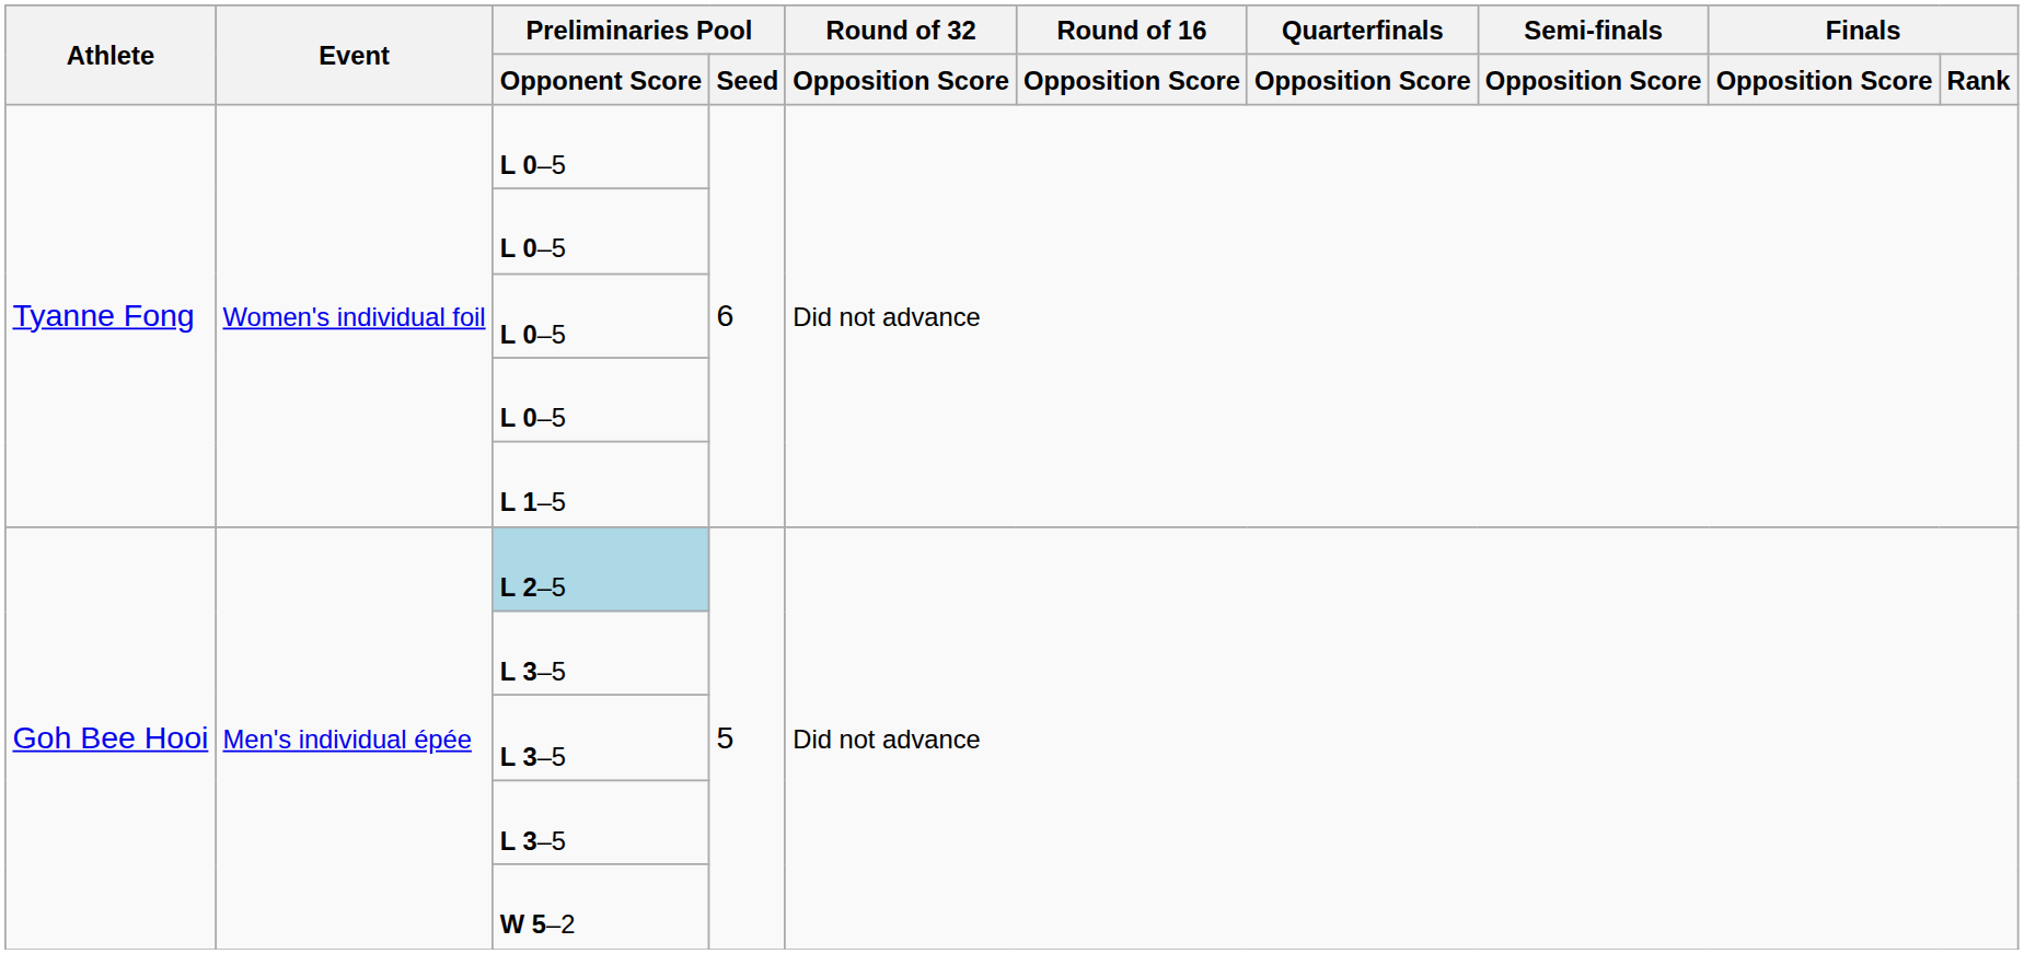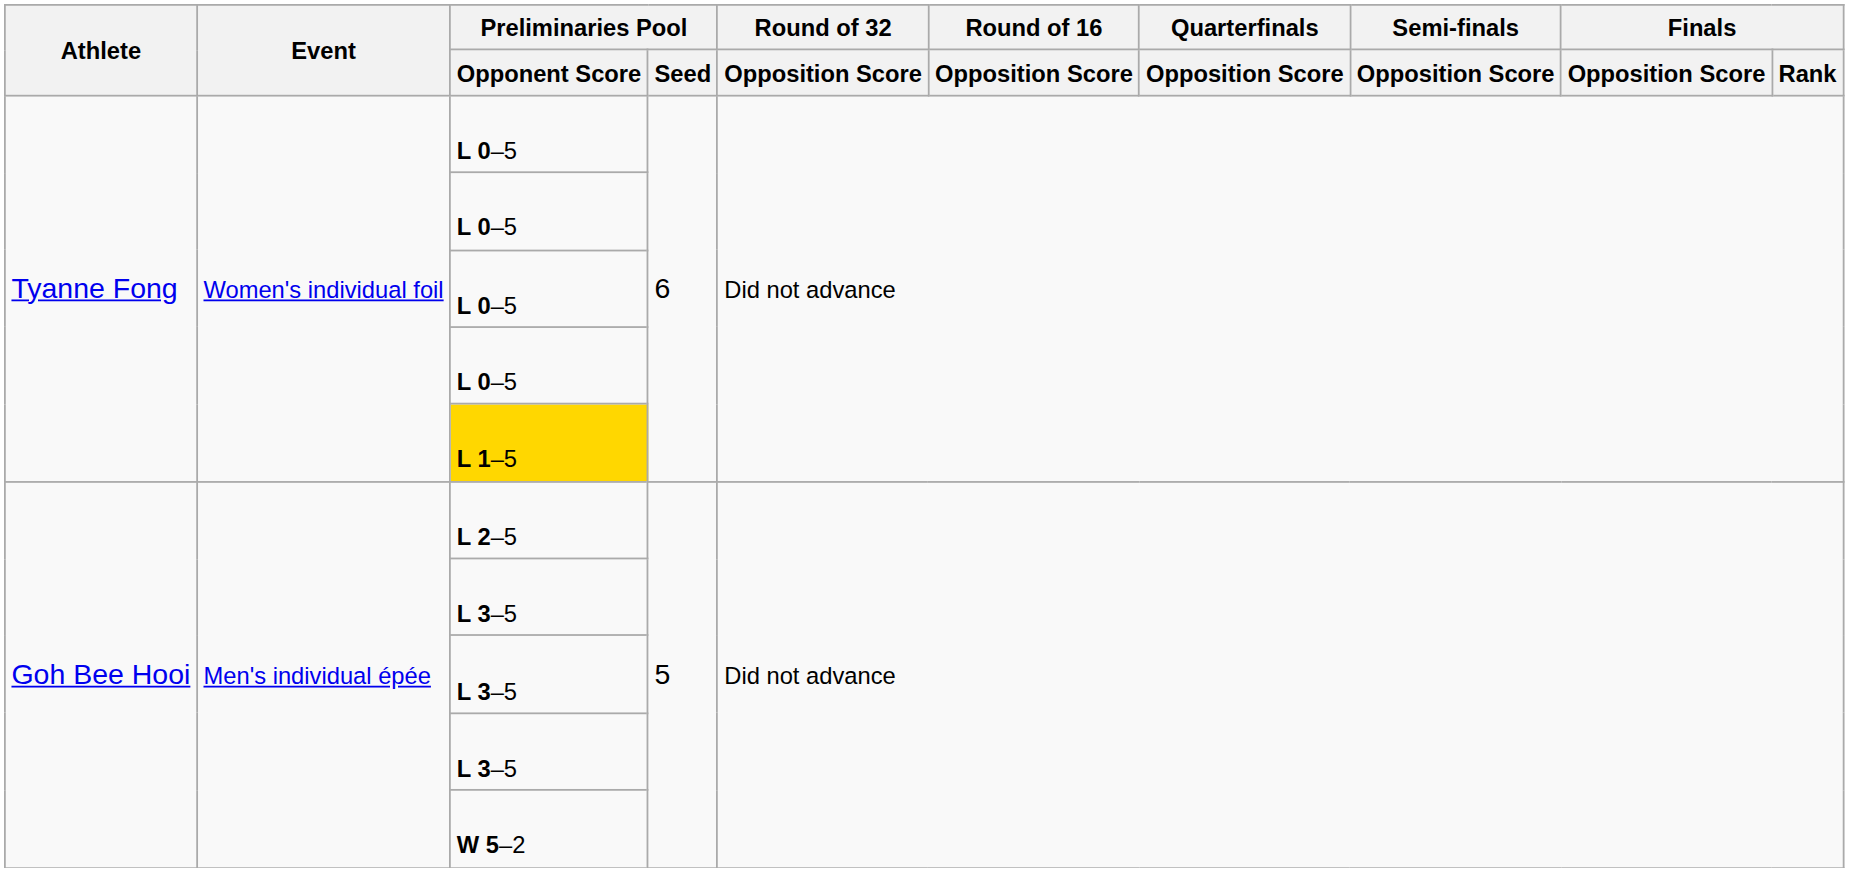 <table class="wikitable">
 <tr>
 <th rowspan="2"><small>Athlete</small></th>
 <th rowspan="2"><small>Event</small></th>
 <th colspan="2"><small>Preliminaries Pool</small></th>
 <th><small>Round of 32</small></th>
 <th><small>Round of 16</small></th>
 <th><small>Quarterfinals</small></th>
 <th><small>Semi-finals</small></th>
 <th colspan="2"><small>Finals</small></th>
 </tr>
 <tr>
 <th><small>Opponent Score</small></th>
 <th><small>Seed</small></th>
 <th><small>Opposition Score</small></th>
 <th><small>Opposition Score</small></th>
 <th><small>Opposition Score</small></th>
 <th><small>Opposition Score</small></th>
 <th><small>Opposition Score</small></th>
 <th><small>Rank</small></th>
 </tr>
 <tr>
 <td rowspan="5"><a href='#'>Tyanne Fong</a></td>
 <td rowspan="5"><small><a href='#'>Women's individual foil</a></small></td>
 <td><small><br><strong>L 0</strong>–5</small></td>
 <td rowspan="5">6</td>
 <td colspan="6" rowspan="5"><small>Did not advance</small></td>
 </tr>
 <tr>
 <td><small><br><strong>L 0</strong>–5</small></td>
 </tr>
 <tr>
 <td><small><br><strong>L 0</strong>–5</small></td>
 </tr>
 <tr>
 <td><small><br><strong>L 0</strong>–5</small></td>
 </tr>
 <tr>
-<td><small><br><strong>L 1</strong>–5</small></td>
+<td style="background: gold;"><small><br><strong>L 1</strong>–5</small></td>
 </tr>
 <tr>
 <td rowspan="5"><a href='#'>Goh Bee Hooi</a></td>
 <td rowspan="5"><a href='#'><small>Men's individual épée</small></a></td>
-<td style="background: lightblue;"><small><br><strong>L 2</strong>–5</small></td>
+<td><small><br><strong>L 2</strong>–5</small></td>
 <td rowspan="5">5</td>
 <td colspan="6" rowspan="5"><small>Did not advance</small></td>
 </tr>
 <tr>
 <td><small><br><strong>L 3</strong>–5</small></td>
 </tr>
 <tr>
 <td><small><br><strong>L 3</strong>–5</small></td>
 </tr>
 <tr>
 <td><small><br><strong>L 3</strong>–5</small></td>
 </tr>
 <tr>
 <td><small><br><strong>W 5</strong>–2</small></td>
 </tr>
 </table>
